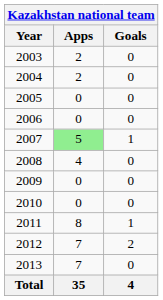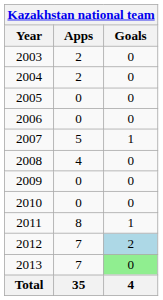 <table class="wikitable" style="text-align:center">
 <tr>
 <th colspan=3><a href='#'>Kazakhstan national team</a></th>
 </tr>
 <tr>
 <th>Year</th>
 <th>Apps</th>
 <th>Goals</th>
 </tr>
 <tr>
 <td>2003</td>
 <td>2</td>
 <td>0</td>
 </tr>
 <tr>
 <td>2004</td>
 <td>2</td>
 <td>0</td>
 </tr>
 <tr>
 <td>2005</td>
 <td>0</td>
 <td>0</td>
 </tr>
 <tr>
 <td>2006</td>
 <td>0</td>
 <td>0</td>
 </tr>
 <tr>
 <td>2007</td>
-<td style="background: lightgreen;">5</td>
+<td>5</td>
 <td>1</td>
 </tr>
 <tr>
 <td>2008</td>
 <td>4</td>
 <td>0</td>
 </tr>
 <tr>
 <td>2009</td>
 <td>0</td>
 <td>0</td>
 </tr>
 <tr>
 <td>2010</td>
 <td>0</td>
 <td>0</td>
 </tr>
 <tr>
 <td>2011</td>
 <td>8</td>
 <td>1</td>
 </tr>
 <tr>
 <td>2012</td>
 <td>7</td>
-<td>2</td>
+<td style="background: lightblue;">2</td>
 </tr>
 <tr>
 <td>2013</td>
 <td>7</td>
-<td>0</td>
+<td style="background: lightgreen;">0</td>
 </tr>
 <tr>
 <th>Total</th>
 <th>35</th>
 <th>4</th>
 </tr>
 </table>
